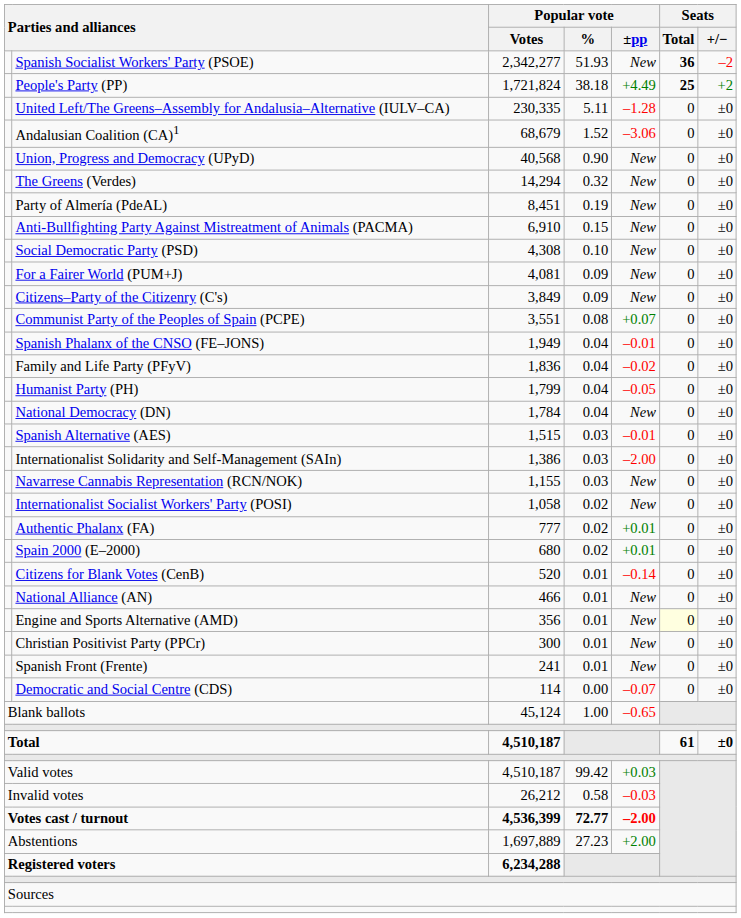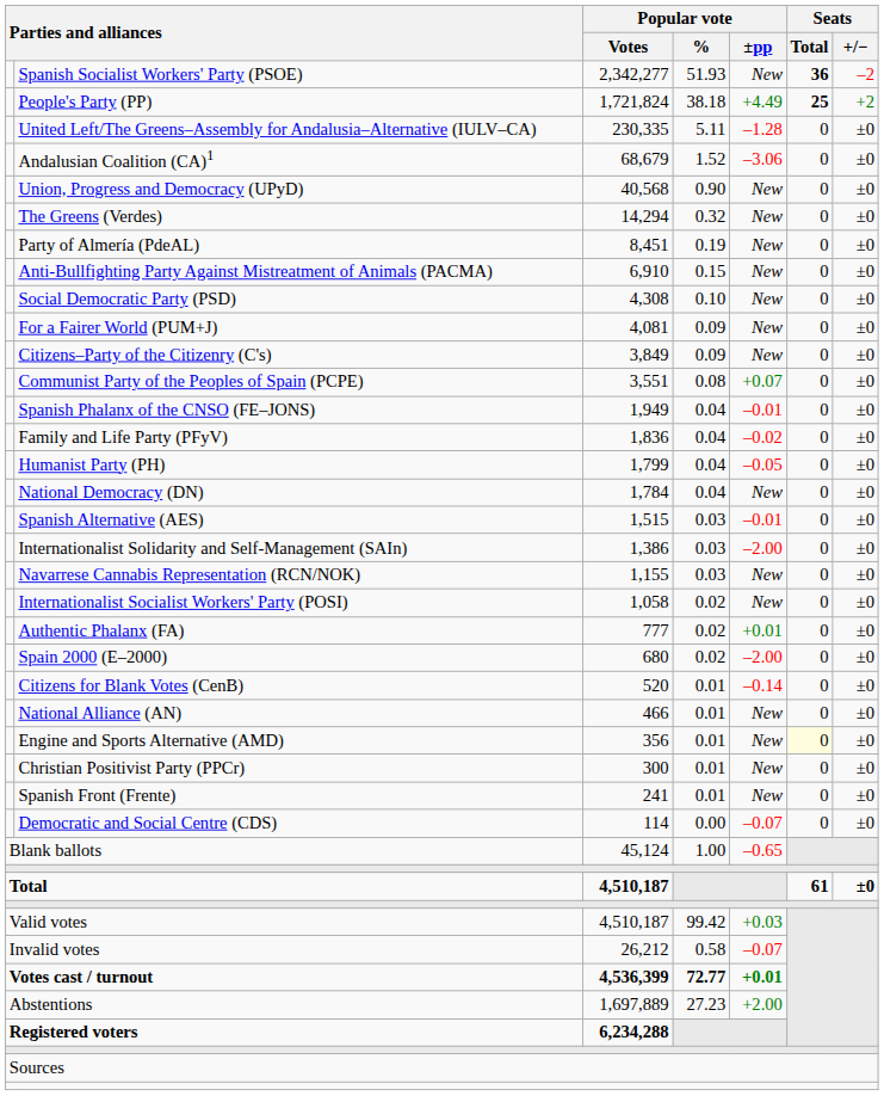 <table class="wikitable" style="text-align:right;">
 <tr>
 <th style="text-align:left;" rowspan="2" colspan="2" width="525">Parties and alliances</th>
 <th colspan="3">Popular vote</th>
 <th colspan="2">Seats</th>
 </tr>
 <tr>
 <th width="75">Votes</th>
 <th width="45">%</th>
 <th width="45">±<a href='#'>pp</a></th>
 <th width="35">Total</th>
 <th width="35">+/−</th>
 </tr>
 <tr>
 <td width="1" style="color:inherit;background:"></td>
 <td align="left"><a href='#'>Spanish Socialist Workers' Party</a> (PSOE)</td>
 <td>2,342,277</td>
 <td>51.93</td>
 <td><em>New</em></td>
 <td><strong>36</strong></td>
 <td style="color:red;">–2</td>
 </tr>
 <tr>
 <td style="color:inherit;background:"></td>
 <td align="left"><a href='#'>People's Party</a> (PP)</td>
 <td>1,721,824</td>
 <td>38.18</td>
 <td style="color:green;">+4.49</td>
 <td><strong>25</strong></td>
 <td style="color:green;">+2</td>
 </tr>
 <tr>
 <td style="color:inherit;background:"></td>
 <td align="left"><a href='#'>United Left/The Greens–Assembly for Andalusia–Alternative</a> (IULV–CA)</td>
 <td>230,335</td>
 <td>5.11</td>
 <td style="color:red;">–1.28</td>
 <td>0</td>
 <td>±0</td>
 </tr>
 <tr>
 <td style="color:inherit;background:"></td>
 <td align="left">Andalusian Coalition (CA)<sup>1</sup></td>
 <td>68,679</td>
 <td>1.52</td>
 <td style="color:red;">–3.06</td>
 <td>0</td>
 <td>±0</td>
 </tr>
 <tr>
 <td style="color:inherit;background:"></td>
 <td align="left"><a href='#'>Union, Progress and Democracy</a> (UPyD)</td>
 <td>40,568</td>
 <td>0.90</td>
 <td><em>New</em></td>
 <td>0</td>
 <td>±0</td>
 </tr>
 <tr>
 <td style="color:inherit;background:"></td>
 <td align="left"><a href='#'>The Greens</a> (Verdes)</td>
 <td>14,294</td>
 <td>0.32</td>
 <td><em>New</em></td>
 <td>0</td>
 <td>±0</td>
 </tr>
 <tr>
 <td style="color:inherit;background:"></td>
 <td align="left">Party of Almería (PdeAL)</td>
 <td>8,451</td>
 <td>0.19</td>
 <td><em>New</em></td>
 <td>0</td>
 <td>±0</td>
 </tr>
 <tr>
 <td style="color:inherit;background:"></td>
 <td align="left"><a href='#'>Anti-Bullfighting Party Against Mistreatment of Animals</a> (PACMA)</td>
 <td>6,910</td>
 <td>0.15</td>
 <td><em>New</em></td>
 <td>0</td>
 <td>±0</td>
 </tr>
 <tr>
 <td style="color:inherit;background:"></td>
 <td align="left"><a href='#'>Social Democratic Party</a> (PSD)</td>
 <td>4,308</td>
 <td>0.10</td>
 <td><em>New</em></td>
 <td>0</td>
 <td>±0</td>
 </tr>
 <tr>
 <td style="color:inherit;background:"></td>
 <td align="left"><a href='#'>For a Fairer World</a> (PUM+J)</td>
 <td>4,081</td>
 <td>0.09</td>
 <td><em>New</em></td>
 <td>0</td>
 <td>±0</td>
 </tr>
 <tr>
 <td style="color:inherit;background:"></td>
 <td align="left"><a href='#'>Citizens–Party of the Citizenry</a> (C's)</td>
 <td>3,849</td>
 <td>0.09</td>
 <td><em>New</em></td>
 <td>0</td>
 <td>±0</td>
 </tr>
 <tr>
 <td style="color:inherit;background:"></td>
 <td align="left"><a href='#'>Communist Party of the Peoples of Spain</a> (PCPE)</td>
 <td>3,551</td>
 <td>0.08</td>
 <td style="color:green;">+0.07</td>
 <td>0</td>
 <td>±0</td>
 </tr>
 <tr>
 <td style="color:inherit;background:"></td>
 <td align="left"><a href='#'>Spanish Phalanx of the CNSO</a> (FE–JONS)</td>
 <td>1,949</td>
 <td>0.04</td>
 <td style="color:red;">–0.01</td>
 <td>0</td>
 <td>±0</td>
 </tr>
 <tr>
 <td style="color:inherit;background:"></td>
 <td align="left">Family and Life Party (PFyV)</td>
 <td>1,836</td>
 <td>0.04</td>
 <td style="color:red;">–0.02</td>
 <td>0</td>
 <td>±0</td>
 </tr>
 <tr>
 <td style="color:inherit;background:"></td>
 <td align="left"><a href='#'>Humanist Party</a> (PH)</td>
 <td>1,799</td>
 <td>0.04</td>
 <td style="color:red;">–0.05</td>
 <td>0</td>
 <td>±0</td>
 </tr>
 <tr>
 <td style="color:inherit;background:"></td>
 <td align="left"><a href='#'>National Democracy</a> (DN)</td>
 <td>1,784</td>
 <td>0.04</td>
 <td><em>New</em></td>
 <td>0</td>
 <td>±0</td>
 </tr>
 <tr>
 <td style="color:inherit;background:"></td>
 <td align="left"><a href='#'>Spanish Alternative</a> (AES)</td>
 <td>1,515</td>
 <td>0.03</td>
 <td style="color:red;">–0.01</td>
 <td>0</td>
 <td>±0</td>
 </tr>
 <tr>
 <td style="color:inherit;background:"></td>
 <td align="left">Internationalist Solidarity and Self-Management (SAIn)</td>
 <td>1,386</td>
 <td>0.03</td>
 <td style="color:red;">–2.00</td>
 <td>0</td>
 <td>±0</td>
 </tr>
 <tr>
 <td style="color:inherit;background:"></td>
 <td align="left"><a href='#'>Navarrese Cannabis Representation</a> (RCN/NOK)</td>
 <td>1,155</td>
 <td>0.03</td>
 <td><em>New</em></td>
 <td>0</td>
 <td>±0</td>
 </tr>
 <tr>
 <td style="color:inherit;background:"></td>
 <td align="left"><a href='#'>Internationalist Socialist Workers' Party</a> (POSI)</td>
 <td>1,058</td>
 <td>0.02</td>
 <td><em>New</em></td>
 <td>0</td>
 <td>±0</td>
 </tr>
 <tr>
 <td style="color:inherit;background:"></td>
 <td align="left"><a href='#'>Authentic Phalanx</a> (FA)</td>
 <td>777</td>
 <td>0.02</td>
 <td style="color:green;">+0.01</td>
 <td>0</td>
 <td>±0</td>
 </tr>
 <tr>
 <td style="color:inherit;background:"></td>
 <td align="left"><a href='#'>Spain 2000</a> (E–2000)</td>
 <td>680</td>
 <td>0.02</td>
-<td style="color:green;">+0.01</td>
+<td style="color:red;">–2.00</td>
 <td>0</td>
 <td>±0</td>
 </tr>
 <tr>
 <td style="color:inherit;background:"></td>
 <td align="left"><a href='#'>Citizens for Blank Votes</a> (CenB)</td>
 <td>520</td>
 <td>0.01</td>
 <td style="color:red;">–0.14</td>
 <td>0</td>
 <td>±0</td>
 </tr>
 <tr>
 <td style="color:inherit;background:"></td>
 <td align="left"><a href='#'>National Alliance</a> (AN)</td>
 <td>466</td>
 <td>0.01</td>
 <td><em>New</em></td>
 <td>0</td>
 <td>±0</td>
 </tr>
 <tr>
 <td style="color:inherit;background:"></td>
 <td align="left">Engine and Sports Alternative (AMD)</td>
 <td>356</td>
 <td>0.01</td>
 <td><em>New</em></td>
 <td style="background: lightyellow;">0</td>
 <td>±0</td>
 </tr>
 <tr>
 <td style="color:inherit;background:"></td>
 <td align="left">Christian Positivist Party (PPCr)</td>
 <td>300</td>
 <td>0.01</td>
 <td><em>New</em></td>
 <td>0</td>
 <td>±0</td>
 </tr>
 <tr>
 <td style="color:inherit;background:"></td>
 <td align="left">Spanish Front (Frente)</td>
 <td>241</td>
 <td>0.01</td>
 <td><em>New</em></td>
 <td>0</td>
 <td>±0</td>
 </tr>
 <tr>
 <td style="color:inherit;background:"></td>
 <td align="left"><a href='#'>Democratic and Social Centre</a> (CDS)</td>
 <td>114</td>
 <td>0.00</td>
 <td style="color:red;">–0.07</td>
 <td>0</td>
 <td>±0</td>
 </tr>
 <tr>
 <td align="left" colspan="2">Blank ballots</td>
 <td>45,124</td>
 <td>1.00</td>
 <td style="color:red;">–0.65</td>
 <td bgcolor="#E9E9E9" colspan="2"></td>
 </tr>
 <tr>
 <td colspan="7" bgcolor="#E9E9E9"></td>
 </tr>
 <tr style="font-weight:bold;">
 <td align="left" colspan="2">Total</td>
 <td>4,510,187</td>
 <td bgcolor="#E9E9E9" colspan="2"></td>
 <td>61</td>
 <td>±0</td>
 </tr>
 <tr>
 <td colspan="7" bgcolor="#E9E9E9"></td>
 </tr>
 <tr>
 <td align="left" colspan="2">Valid votes</td>
 <td>4,510,187</td>
 <td>99.42</td>
 <td style="color:green;">+0.03</td>
 <td bgcolor="#E9E9E9" colspan="2" rowspan="5"></td>
 </tr>
 <tr>
 <td align="left" colspan="2">Invalid votes</td>
 <td>26,212</td>
 <td>0.58</td>
-<td style="color:red;">–0.03</td>
+<td style="color:red;">–0.07</td>
 </tr>
 <tr style="font-weight:bold;">
 <td align="left" colspan="2">Votes cast / turnout</td>
 <td>4,536,399</td>
 <td>72.77</td>
-<td style="color:red;">–2.00</td>
+<td style="color:green;">+0.01</td>
 </tr>
 <tr>
 <td align="left" colspan="2">Abstentions</td>
 <td>1,697,889</td>
 <td>27.23</td>
 <td style="color:green;">+2.00</td>
 </tr>
 <tr style="font-weight:bold;">
 <td align="left" colspan="2">Registered voters</td>
 <td>6,234,288</td>
 <td bgcolor="#E9E9E9" colspan="2"></td>
 </tr>
 <tr>
 <td colspan="7" bgcolor="#E9E9E9"></td>
 </tr>
 <tr>
 <td align="left" colspan="7">Sources</td>
 </tr>
 <tr>
 <td colspan="7" style="text-align:left; max-width:790px;"></td>
 </tr>
 </table>
